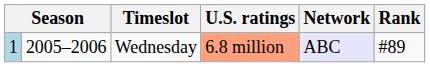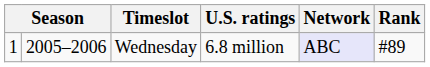 <table class="wikitable">
 <tr>
 <th colspan="2">Season</th>
 <th>Timeslot</th>
 <th>U.S. ratings</th>
 <th>Network</th>
 <th>Rank</th>
 </tr>
 <tr>
-<td style="background: lightblue;">1</td>
+<td>1</td>
 <td>2005–2006</td>
 <td>Wednesday</td>
-<td style="background: lightsalmon;">6.8 million</td>
+<td>6.8 million</td>
 <td style="background: lavender;">ABC</td>
 <td>#89</td>
 </tr>
 </table>
